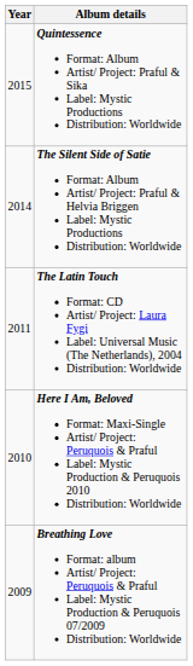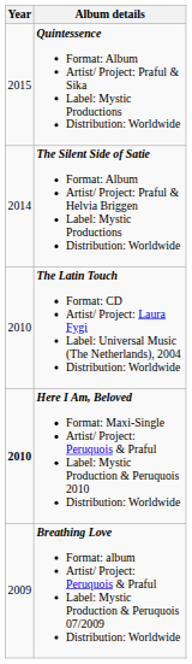 <table class="wikitable" style="text-align:center;">
 <tr>
 <th rowspan="1" style="width:30px;">Year</th>
 <th rowspan="1" style="width:200px;">Album details</th>
 </tr>
 <tr>
 <td style="text-align:left;">2015</td>
 <td style="text-align:left;"><strong><em>Quintessence</em></strong><br><ul><li>Format:  Album</li><li>Artist/ Project: Praful & Sika</li><li>Label: Mystic Productions</li><li>Distribution:  Worldwide</li></ul></td>
 </tr>
 <tr>
 <td style="text-align:left;">2014</td>
 <td style="text-align:left;"><strong><em>The Silent Side of Satie</em></strong><br><ul><li>Format:  Album</li><li>Artist/ Project: Praful & Helvia Briggen</li><li>Label: Mystic Productions</li><li>Distribution:  Worldwide</li></ul></td>
 </tr>
 <tr>
-<td style="text-align:left;">2011</td>
+<td style="text-align:left;">2010</td>
 <td style="text-align:left;"><strong><em>The Latin Touch</em></strong><br><ul><li>Format:  CD</li><li>Artist/ Project: <a href='#'>Laura Fygi</a></li><li>Label: Universal Music (The Netherlands), 2004</li><li>Distribution:  Worldwide</li></ul></td>
 </tr>
 <tr>
-<td style="text-align:left;">2010</td>
+<td style="text-align:left;"><strong>2010</strong></td>
 <td style="text-align:left;"><strong><em>Here I Am, Beloved</em></strong><br><ul><li>Format:  Maxi-Single</li><li>Artist/ Project: <a href='#'>Peruquois</a> & Praful</li><li>Label: Mystic Production & Peruquois 2010</li><li>Distribution:  Worldwide</li></ul></td>
 </tr>
 <tr>
 <td style="text-align:left;">2009</td>
 <td style="text-align:left;"><strong><em>Breathing Love</em></strong><br><ul><li>Format:  album</li><li>Artist/ Project: <a href='#'>Peruquois</a> & Praful</li><li>Label: Mystic Production & Peruquois 07/2009</li><li>Distribution:  Worldwide</li></ul></td>
 </tr>
 </table>
